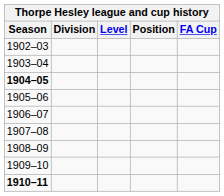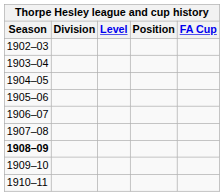 <table class="wikitable collapsible" style=font-size:100%>
 <tr>
 <th colspan="6"><strong>Thorpe Hesley league and cup history</strong></th>
 </tr>
 <tr>
 <th>Season</th>
 <th>Division</th>
 <th><a href='#'>Level</a></th>
 <th>Position</th>
 <th><a href='#'>FA Cup</a></th>
 </tr>
 <tr>
 <td>1902–03</td>
 <td></td>
 <td></td>
 <td></td>
 <td></td>
 </tr>
 <tr>
 <td>1903–04</td>
 <td></td>
 <td></td>
 <td></td>
 <td></td>
 </tr>
 <tr>
-<td><strong>1904–05</strong></td>
+<td>1904–05</td>
 <td></td>
 <td></td>
 <td></td>
 <td></td>
 </tr>
 <tr>
 <td>1905–06</td>
 <td></td>
 <td></td>
 <td></td>
 <td></td>
 </tr>
 <tr>
 <td>1906–07</td>
 <td></td>
 <td></td>
 <td></td>
 <td></td>
 </tr>
 <tr>
 <td>1907–08</td>
 <td></td>
 <td></td>
 <td></td>
 <td></td>
 </tr>
 <tr>
-<td>1908–09</td>
+<td><strong>1908–09</strong></td>
 <td></td>
 <td></td>
 <td></td>
 <td></td>
 </tr>
 <tr>
 <td>1909–10</td>
 <td></td>
 <td></td>
 <td></td>
 <td></td>
 </tr>
 <tr>
-<td><strong>1910–11</strong></td>
+<td>1910–11</td>
 <td></td>
 <td></td>
 <td></td>
 <td></td>
 </tr>
 </table>
